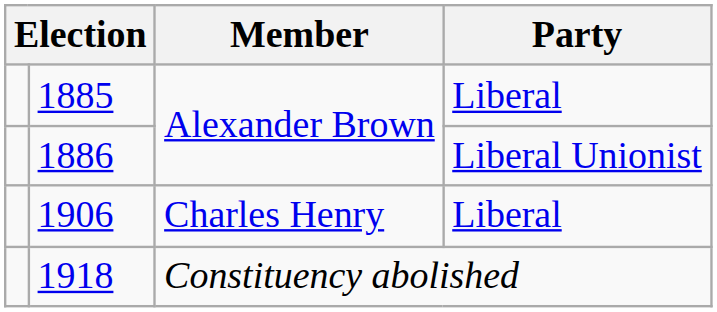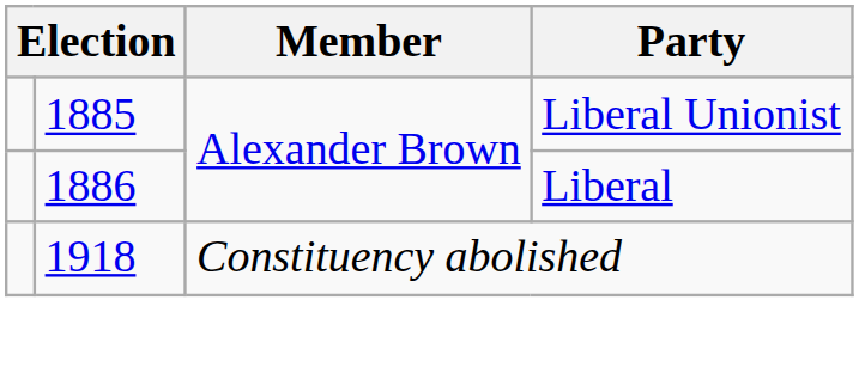 <table class="wikitable">
 <tr>
 <th colspan="2">Election</th>
 <th>Member</th>
 <th>Party</th>
 </tr>
 <tr>
 <td style="color:inherit;background-color: "></td>
 <td><a href='#'>1885</a></td>
 <td rowspan="2"><a href='#'>Alexander Brown</a></td>
-<td><a href='#'>Liberal</a></td>
+<td><a href='#'>Liberal Unionist</a></td>
 </tr>
 <tr>
 <td style="color:inherit;background-color: "></td>
 <td><a href='#'>1886</a></td>
-<td><a href='#'>Liberal Unionist</a></td>
-</tr>
-<tr>
-<td style="color:inherit;background-color: "></td>
-<td><a href='#'>1906</a></td>
-<td><a href='#'>Charles Henry</a></td>
 <td><a href='#'>Liberal</a></td>
 </tr>
 <tr>
 <td></td>
 <td><a href='#'>1918</a></td>
 <td colspan="2"><em>Constituency abolished</em></td>
 </tr>
 </table>
